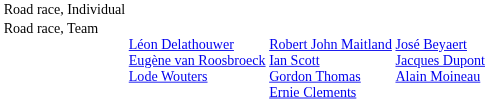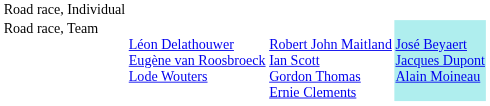 <table>
 <tr>
 <td>Road race, Individual<br></td>
 <td></td>
 <td></td>
 <td></td>
 </tr>
 <tr valign="top">
 <td>Road race, Team<br></td>
 <td><br><a href='#'>Léon Delathouwer</a><br><a href='#'>Eugène van Roosbroeck</a><br><a href='#'>Lode Wouters</a></td>
 <td><br><a href='#'>Robert John Maitland</a><br><a href='#'>Ian Scott</a><br><a href='#'>Gordon Thomas</a><br><a href='#'>Ernie Clements</a></td>
-<td><br><a href='#'>José Beyaert</a><br><a href='#'>Jacques Dupont</a><br><a href='#'>Alain Moineau</a></td>
+<td style="background: paleturquoise;"><br><a href='#'>José Beyaert</a><br><a href='#'>Jacques Dupont</a><br><a href='#'>Alain Moineau</a></td>
 </tr>
 </table>
